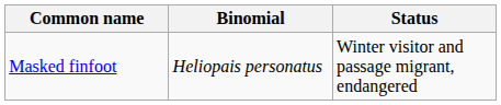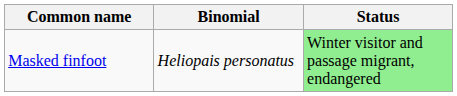 <table width=72% class="wikitable">
 <tr>
 <th width=24%>Common name</th>
 <th width=24%>Binomial</th>
 <th width=24%>Status</th>
 </tr>
 <tr>
 <td><a href='#'>Masked finfoot</a></td>
 <td><em>Heliopais personatus</em></td>
-<td>Winter visitor and passage migrant, endangered</td>
+<td style="background: lightgreen;">Winter visitor and passage migrant, endangered</td>
 </tr>
 <tr>
 </tr>
 </table>
